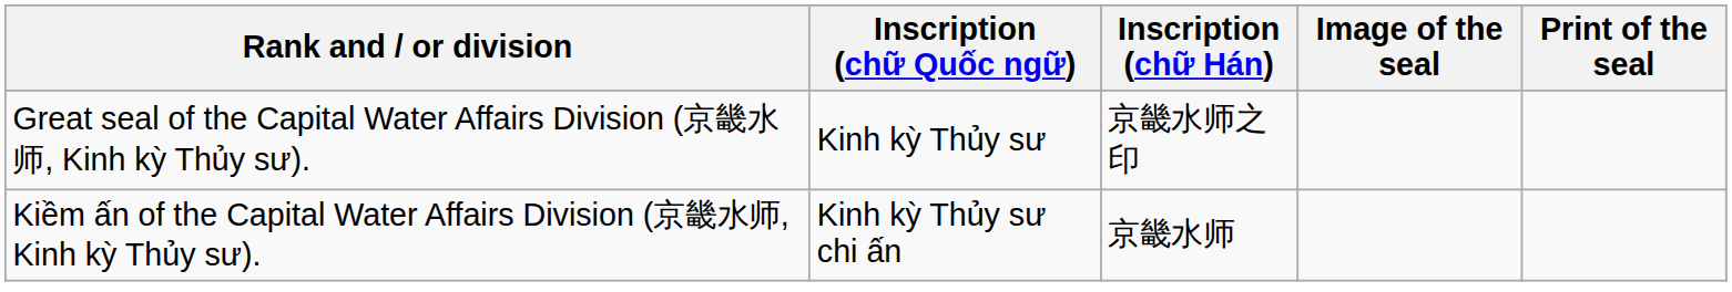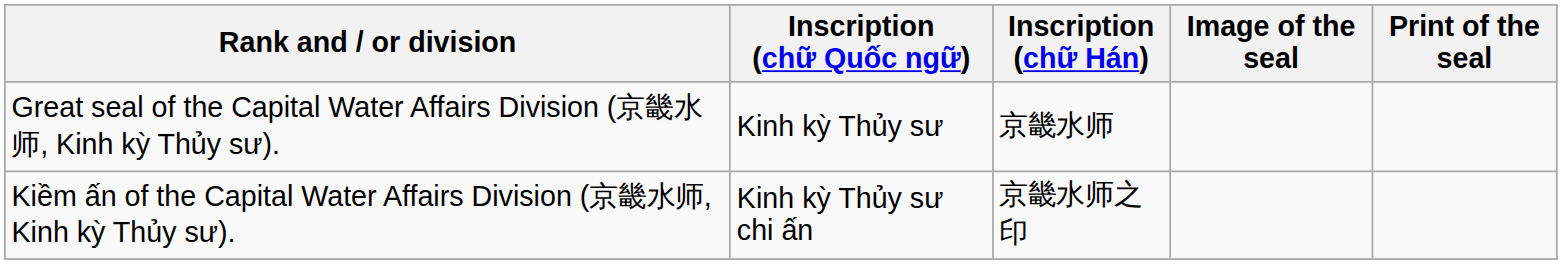 <table class="wikitable">
 <tr>
 <th>Rank and / or division</th>
 <th>Inscription<br>(<a href='#'>chữ Quốc ngữ</a>)</th>
 <th>Inscription<br>(<a href='#'>chữ Hán</a>)</th>
 <th>Image of the seal</th>
 <th>Print of the seal</th>
 </tr>
 <tr>
 <td>Great seal of the Capital Water Affairs Division (京畿水师, Kinh kỳ Thủy sư).</td>
 <td>Kinh kỳ Thủy sư</td>
-<td>京畿水师之印</td>
+<td>京畿水师</td>
 <td></td>
 <td></td>
 </tr>
 <tr>
 <td>Kiềm ấn of the Capital Water Affairs Division (京畿水师, Kinh kỳ Thủy sư).</td>
 <td>Kinh kỳ Thủy sư chi ấn</td>
-<td>京畿水师</td>
+<td>京畿水师之印</td>
 <td></td>
 <td></td>
 </tr>
 </table>
